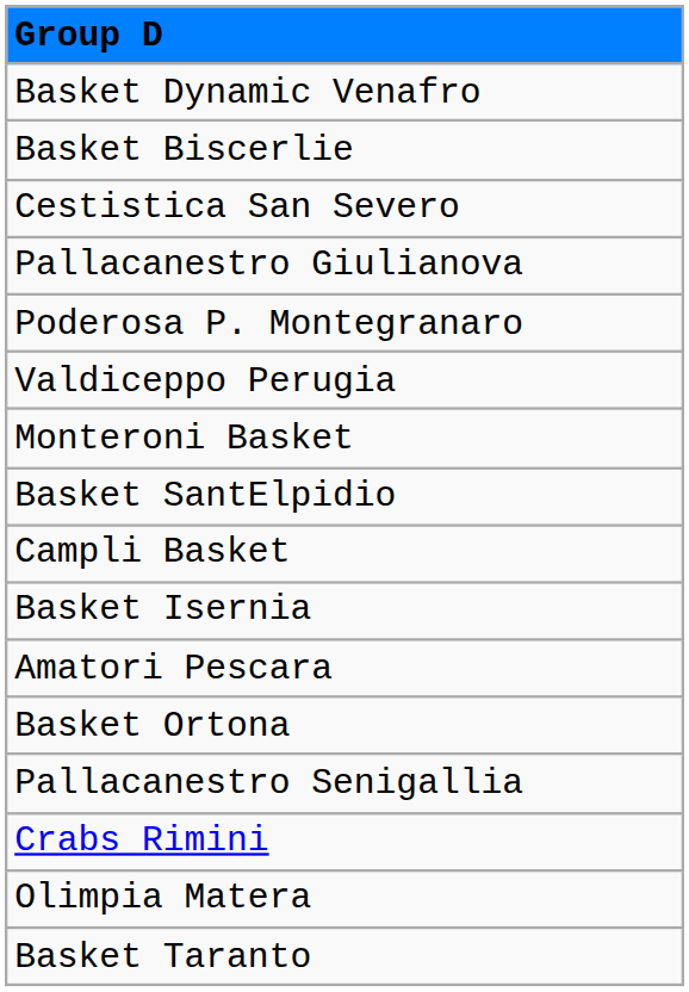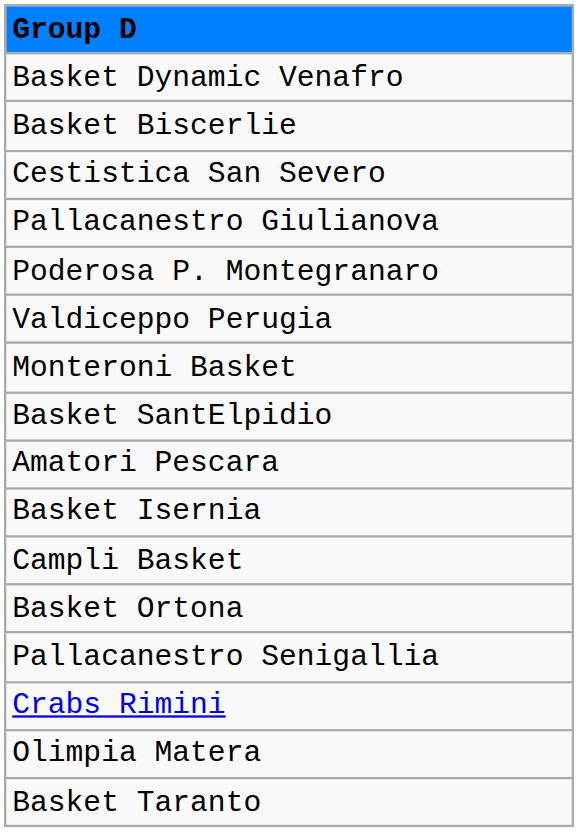 <table class="wikitable" width="250px" align="center" font-size="100%">
 <tr>
 <td style="background-color:#007FFF"><span><strong>Group D</strong></span></td>
 </tr>
 <tr>
 <td>Basket Dynamic Venafro</td>
 </tr>
 <tr>
 <td>Basket Biscerlie</td>
 </tr>
 <tr>
 <td>Cestistica San Severo</td>
 </tr>
 <tr>
 <td>Pallacanestro Giulianova</td>
 </tr>
 <tr>
 <td>Poderosa P. Montegranaro</td>
 </tr>
 <tr>
 <td>Valdiceppo Perugia</td>
 </tr>
 <tr>
 <td>Monteroni Basket</td>
 </tr>
 <tr>
 <td>Basket SantElpidio</td>
 </tr>
 <tr>
-<td>Campli Basket</td>
+<td>Amatori Pescara</td>
 </tr>
 <tr>
 <td>Basket Isernia</td>
 </tr>
 <tr>
-<td>Amatori Pescara</td>
+<td>Campli Basket</td>
 </tr>
 <tr>
 <td>Basket Ortona</td>
 </tr>
 <tr>
 <td>Pallacanestro Senigallia</td>
 </tr>
 <tr>
 <td><a href='#'>Crabs Rimini</a></td>
 </tr>
 <tr>
 <td>Olimpia Matera</td>
 </tr>
 <tr>
 <td>Basket Taranto</td>
 </tr>
 </table>
